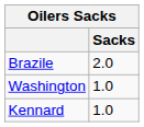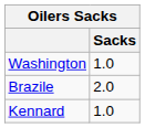 <table class="wikitable">
 <tr>
 <th colspan="2">Oilers Sacks</th>
 </tr>
 <tr>
 <th></th>
 <th>Sacks</th>
 </tr>
 <tr>
+<td><a href='#'>Washington</a></td>
+<td>1.0</td>
+</tr>
+<tr>
 <td><a href='#'>Brazile</a></td>
 <td>2.0</td>
-</tr>
-<tr>
-<td><a href='#'>Washington</a></td>
-<td>1.0</td>
 </tr>
 <tr>
 <td><a href='#'>Kennard</a></td>
 <td>1.0</td>
 </tr>
 </table>
